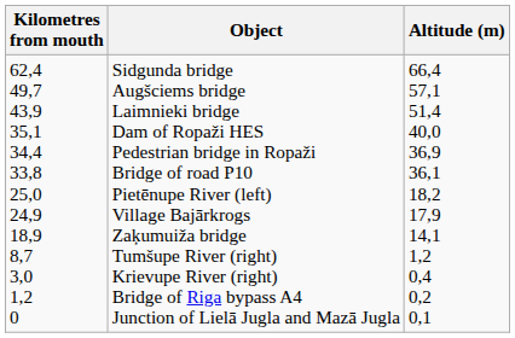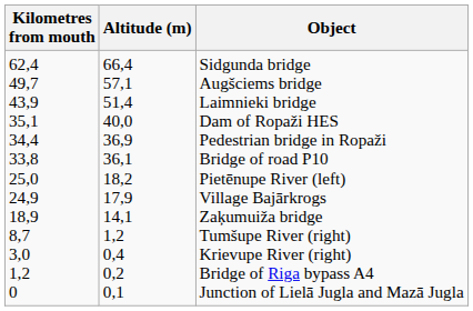 <table class="wikitable">
 <tr>
 <th>Kilometres<br>from mouth</th>
+<th>Altitude (m)</th>
 <th>Object</th>
-<th>Altitude (m)</th>
 </tr>
 <tr>
 <td>62,4<br>49,7<br>43,9<br>35,1<br>34,4<br>33,8<br>25,0<br>24,9<br>18,9<br>8,7<br>3,0<br>1,2<br>0</td>
+<td>66,4<br>57,1<br>51,4<br>40,0<br>36,9<br>36,1<br>18,2<br>17,9<br>14,1<br>1,2<br>0,4<br>0,2<br>0,1</td>
 <td>Sidgunda bridge<br>Augšciems bridge<br>Laimnieki bridge<br>Dam of Ropaži HES<br>Pedestrian bridge in Ropaži<br>Bridge of road P10<br>Pietēnupe River (left)<br>Village Bajārkrogs<br>Zaķumuiža bridge<br>Tumšupe River (right)<br>Krievupe River (right)<br>Bridge of <a href='#'>Riga</a> bypass A4<br>Junction of Lielā Jugla and Mazā Jugla</td>
-<td>66,4<br>57,1<br>51,4<br>40,0<br>36,9<br>36,1<br>18,2<br>17,9<br>14,1<br>1,2<br>0,4<br>0,2<br>0,1</td>
 </tr>
 </table>
